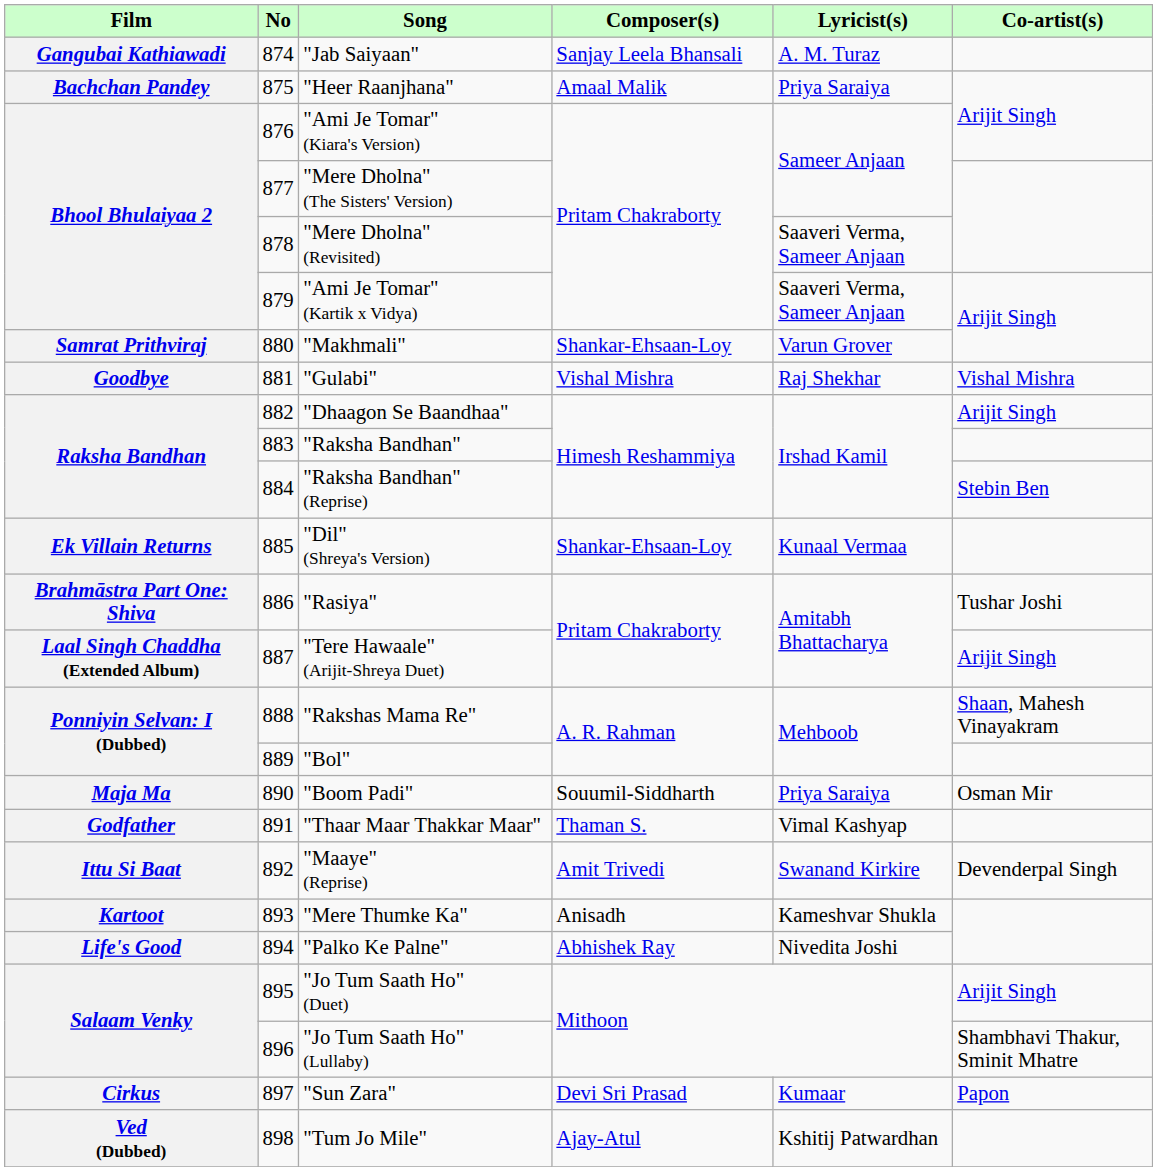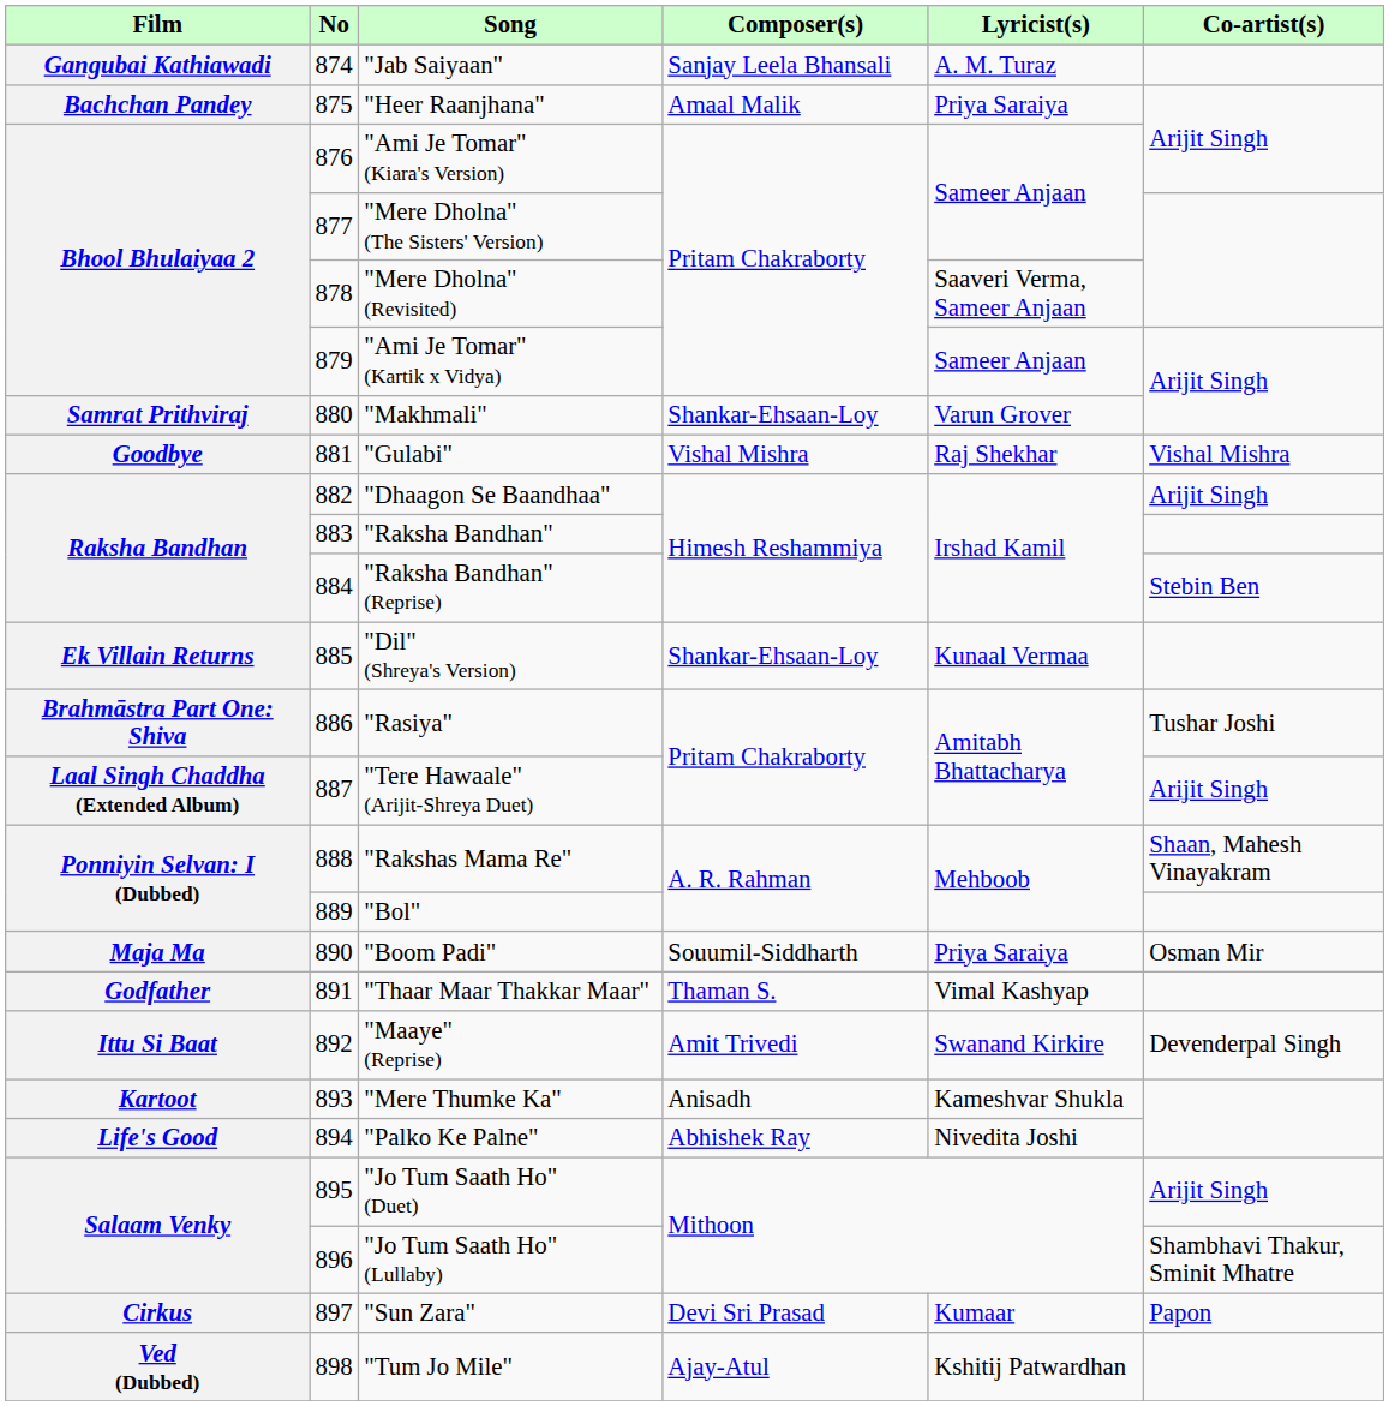 <table class="wikitable plainrowheaders" style="width:100%; textcolor:#000">
 <tr style="background:#cfc; text-align:center;">
 <td scope="col" style="width:23%;"><strong>Film</strong></td>
 <td><strong>No</strong></td>
 <td scope="col" style="width:23%;"><strong>Song</strong></td>
 <td scope="col" style="width:20%;"><strong>Composer(s)</strong></td>
 <td scope="col" style="width:16%;"><strong>Lyricist(s)</strong></td>
 <td scope="col" style="width:18%;"><strong>Co-artist(s)</strong></td>
 </tr>
 <tr>
 <th scope="row"><em><a href='#'>Gangubai Kathiawadi</a></em></th>
 <td>874</td>
 <td>"Jab Saiyaan"</td>
 <td><a href='#'>Sanjay Leela Bhansali</a></td>
 <td><a href='#'>A. M. Turaz</a></td>
 <td></td>
 </tr>
 <tr>
 <th scope="row"><a href='#'><em>Bachchan Pandey</em></a></th>
 <td>875</td>
 <td>"Heer Raanjhana"</td>
 <td><a href='#'>Amaal Malik</a></td>
 <td><a href='#'>Priya Saraiya</a></td>
 <td rowspan="2"><a href='#'>Arijit Singh</a></td>
 </tr>
 <tr>
 <th scope="row" rowspan="4"><em><a href='#'>Bhool Bhulaiyaa 2</a></em></th>
 <td>876</td>
 <td>"Ami Je Tomar"<br><small>(Kiara's Version)</small></td>
 <td rowspan="4"><a href='#'>Pritam Chakraborty</a></td>
 <td rowspan="2"><a href='#'>Sameer Anjaan</a></td>
 </tr>
 <tr>
 <td>877</td>
 <td>"Mere Dholna"<br><small>(The Sisters' Version)</small></td>
 <td rowspan="2"></td>
 </tr>
 <tr>
 <td>878</td>
 <td>"Mere Dholna"<br><small>(Revisited)</small></td>
 <td>Saaveri Verma, <a href='#'>Sameer Anjaan</a></td>
 </tr>
 <tr>
 <td>879</td>
 <td>"Ami Je Tomar"<br><small>(Kartik x Vidya)</small></td>
-<td>Saaveri Verma, <a href='#'>Sameer Anjaan</a></td>
+<td><a href='#'>Sameer Anjaan</a></td>
 <td rowspan="2"><a href='#'>Arijit Singh</a></td>
 </tr>
 <tr>
 <th scope="row"><em><a href='#'>Samrat Prithviraj</a></em></th>
 <td>880</td>
 <td>"Makhmali"</td>
 <td><a href='#'>Shankar-Ehsaan-Loy</a></td>
 <td><a href='#'>Varun Grover</a></td>
 </tr>
 <tr>
 <th scope="row"><em><a href='#'>Goodbye</a></em></th>
 <td>881</td>
 <td>"Gulabi"</td>
 <td><a href='#'>Vishal Mishra</a></td>
 <td><a href='#'>Raj Shekhar</a></td>
 <td><a href='#'>Vishal Mishra</a></td>
 </tr>
 <tr>
 <th scope="row" rowspan="3"><em><a href='#'>Raksha Bandhan</a></em></th>
 <td>882</td>
 <td>"Dhaagon Se Baandhaa"</td>
 <td rowspan="3"><a href='#'>Himesh Reshammiya</a></td>
 <td rowspan="3"><a href='#'>Irshad Kamil</a></td>
 <td><a href='#'>Arijit Singh</a></td>
 </tr>
 <tr>
 <td>883</td>
 <td>"Raksha Bandhan"</td>
 <td></td>
 </tr>
 <tr>
 <td>884</td>
 <td>"Raksha Bandhan"<br><small>(Reprise)</small></td>
 <td><a href='#'>Stebin Ben</a></td>
 </tr>
 <tr>
 <th scope="row"><em><a href='#'>Ek Villain Returns</a></em></th>
 <td>885</td>
 <td>"Dil"<br><small>(Shreya's Version)</small></td>
 <td><a href='#'>Shankar-Ehsaan-Loy</a></td>
 <td><a href='#'>Kunaal Vermaa</a></td>
 <td></td>
 </tr>
 <tr>
 <th scope="row"><em><a href='#'>Brahmāstra Part One: Shiva</a></em></th>
 <td>886</td>
 <td>"Rasiya"</td>
 <td rowspan="2"><a href='#'>Pritam Chakraborty</a></td>
 <td rowspan="2"><a href='#'>Amitabh Bhattacharya</a></td>
 <td>Tushar Joshi</td>
 </tr>
 <tr>
 <th scope="row"><em><a href='#'>Laal Singh Chaddha</a></em><br><small>(Extended Album)</small></th>
 <td>887</td>
 <td>"Tere Hawaale"<br><small>(Arijit-Shreya Duet)</small></td>
 <td><a href='#'>Arijit Singh</a></td>
 </tr>
 <tr>
 <th scope="row" rowspan="2"><em><a href='#'>Ponniyin Selvan: I</a></em><br><small>(Dubbed)</small></th>
 <td>888</td>
 <td>"Rakshas Mama Re"</td>
 <td rowspan="2"><a href='#'>A. R. Rahman</a></td>
 <td rowspan="2"><a href='#'>Mehboob</a></td>
 <td><a href='#'>Shaan</a>, Mahesh Vinayakram</td>
 </tr>
 <tr>
 <td>889</td>
 <td>"Bol"</td>
 <td></td>
 </tr>
 <tr>
 <th scope="row"><em><a href='#'>Maja Ma</a></em></th>
 <td>890</td>
 <td>"Boom Padi"</td>
 <td>Souumil-Siddharth</td>
 <td><a href='#'>Priya Saraiya</a></td>
 <td>Osman Mir</td>
 </tr>
 <tr>
 <th scope="row"><em><a href='#'>Godfather</a></em></th>
 <td>891</td>
 <td>"Thaar Maar Thakkar Maar"</td>
 <td><a href='#'>Thaman S.</a></td>
 <td>Vimal Kashyap</td>
 <td></td>
 </tr>
 <tr>
 <th scope="row"><em><a href='#'>Ittu Si Baat</a></em></th>
 <td>892</td>
 <td>"Maaye"<br><small>(Reprise)</small></td>
 <td><a href='#'>Amit Trivedi</a></td>
 <td><a href='#'>Swanand Kirkire</a></td>
 <td>Devenderpal Singh</td>
 </tr>
 <tr>
 <th scope="row"><em><a href='#'>Kartoot</a></em></th>
 <td>893</td>
 <td>"Mere Thumke Ka"</td>
 <td>Anisadh</td>
 <td>Kameshvar Shukla</td>
 <td rowspan="2"></td>
 </tr>
 <tr>
 <th scope="row"><em><a href='#'>Life's Good</a></em></th>
 <td>894</td>
 <td>"Palko Ke Palne"</td>
 <td><a href='#'>Abhishek Ray</a></td>
 <td>Nivedita Joshi</td>
 </tr>
 <tr>
 <th scope="row" rowspan="2"><em><a href='#'>Salaam Venky</a></em></th>
 <td>895</td>
 <td>"Jo Tum Saath Ho"<br><small>(Duet)</small></td>
 <td colspan="2" rowspan="2"><a href='#'>Mithoon</a></td>
 <td><a href='#'>Arijit Singh</a></td>
 </tr>
 <tr>
 <td>896</td>
 <td>"Jo Tum Saath Ho"<br><small>(Lullaby)</small></td>
 <td>Shambhavi Thakur, Sminit Mhatre</td>
 </tr>
 <tr>
 <th scope="row"><em><a href='#'>Cirkus</a></em></th>
 <td>897</td>
 <td>"Sun Zara"</td>
 <td><a href='#'>Devi Sri Prasad</a></td>
 <td><a href='#'>Kumaar</a></td>
 <td><a href='#'>Papon</a></td>
 </tr>
 <tr>
 <th scope="row"><em><a href='#'>Ved</a></em><br><small>(Dubbed)</small></th>
 <td>898</td>
 <td>"Tum Jo Mile"</td>
 <td><a href='#'>Ajay-Atul</a></td>
 <td>Kshitij Patwardhan</td>
 <td></td>
 </tr>
 </table>
